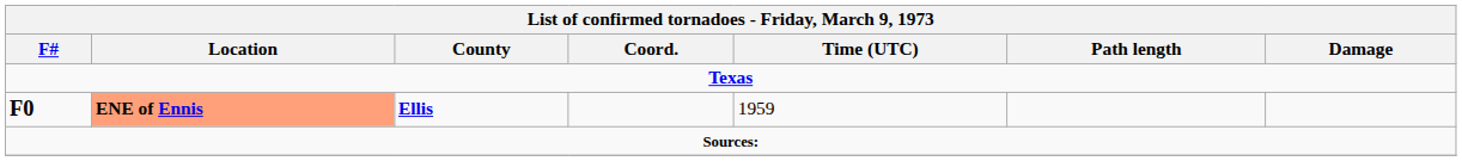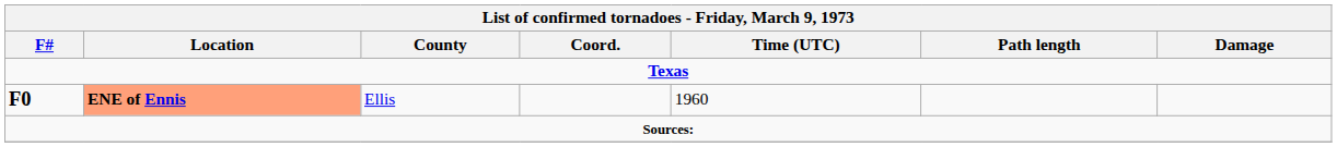 <table class="wikitable collapsible" width="100%">
 <tr>
 <th colspan="7">List of confirmed tornadoes - Friday, March 9, 1973</th>
 </tr>
 <tr>
 <th><a href='#'>F#</a></th>
 <th>Location</th>
 <th>County</th>
 <th>Coord.</th>
 <th>Time (UTC)</th>
 <th>Path length</th>
 <th>Damage</th>
 </tr>
 <tr>
 <td colspan="7" align=center><strong><a href='#'>Texas</a></strong></td>
 </tr>
 <tr>
 <td><big><strong>F0</strong></big></td>
 <td style="background: lightsalmon;"><strong>ENE of <a href='#'>Ennis</a></strong></td>
-<td><strong><a href='#'>Ellis</a></strong></td>
+<td><a href='#'>Ellis</a></td>
 <td></td>
-<td>1959</td>
+<td>1960</td>
 <td></td>
 <td></td>
 </tr>
 <tr>
 <td colspan="7" align=center><small><strong>Sources:</strong> </small></td>
 </tr>
 <tr>
 </tr>
 </table>
